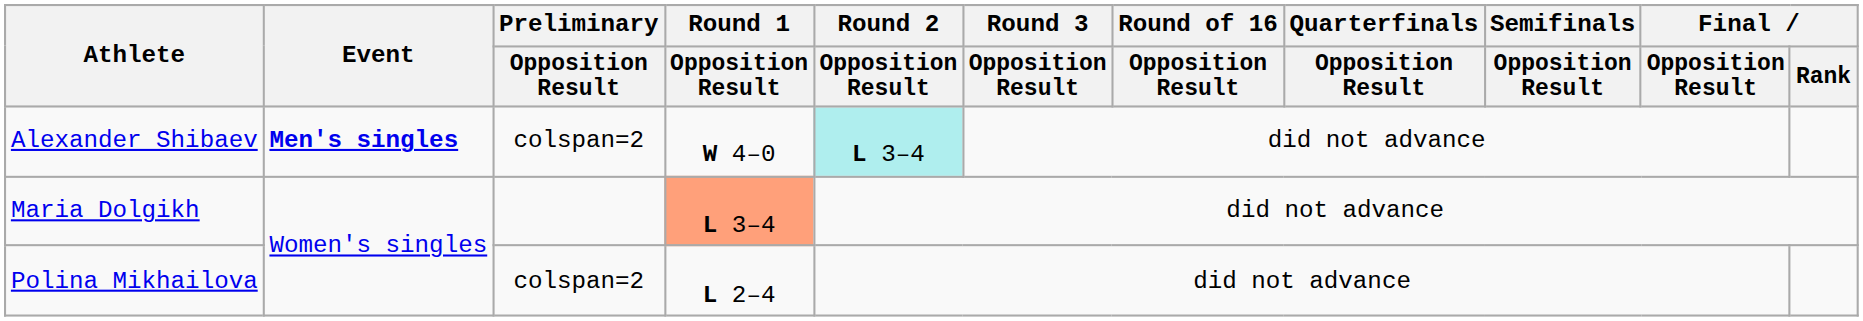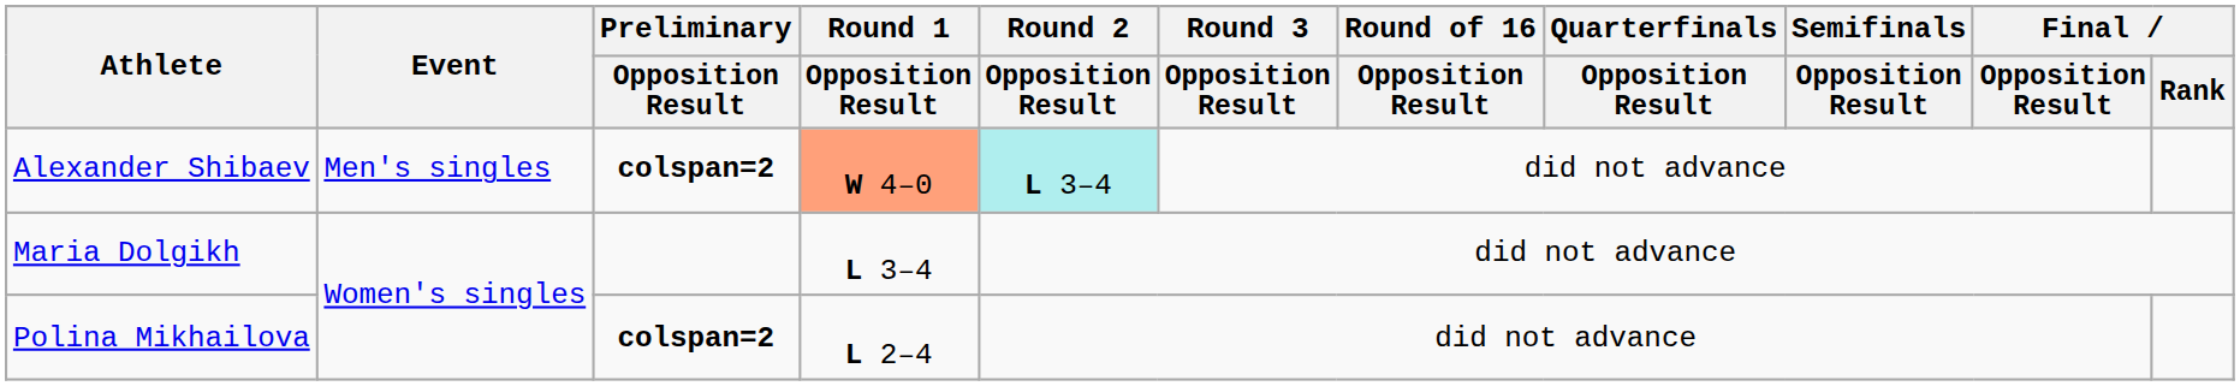 <table class="wikitable" style="font-size:90%;">
 <tr>
 <th rowspan=2>Athlete</th>
 <th rowspan=2>Event</th>
 <th>Preliminary</th>
 <th>Round 1</th>
 <th>Round 2</th>
 <th>Round 3</th>
 <th>Round of 16</th>
 <th>Quarterfinals</th>
 <th>Semifinals</th>
 <th colspan=2>Final / </th>
 </tr>
 <tr style="font-size:95%">
 <th>Opposition<br>Result</th>
 <th>Opposition<br>Result</th>
 <th>Opposition<br>Result</th>
 <th>Opposition<br>Result</th>
 <th>Opposition<br>Result</th>
 <th>Opposition<br>Result</th>
 <th>Opposition<br>Result</th>
 <th>Opposition<br>Result</th>
 <th>Rank</th>
 </tr>
 <tr align=center>
 <td align=left><a href='#'>Alexander Shibaev</a></td>
-<td align=left><strong><a href='#'>Men's singles</a></strong></td>
-<td>colspan=2 </td>
-<td><br><strong>W</strong> 4–0</td>
+<td align=left><a href='#'>Men's singles</a></td>
+<td><strong>colspan=2 </strong></td>
+<td style="background: lightsalmon;"><br><strong>W</strong> 4–0</td>
 <td style="background: paleturquoise;"><br><strong>L</strong> 3–4</td>
 <td colspan=5>did not advance</td>
 </tr>
 <tr align=center>
 <td align=left><a href='#'>Maria Dolgikh</a></td>
 <td align=left rowspan=2><a href='#'>Women's singles</a></td>
 <td></td>
-<td style="background: lightsalmon;"><br><strong>L</strong> 3–4</td>
+<td><br><strong>L</strong> 3–4</td>
 <td colspan=7>did not advance</td>
 </tr>
 <tr align=center>
 <td align=left><a href='#'>Polina Mikhailova</a></td>
-<td>colspan=2 </td>
+<td><strong>colspan=2 </strong></td>
 <td><br><strong>L</strong> 2–4</td>
 <td colspan=6>did not advance</td>
 </tr>
 </table>
